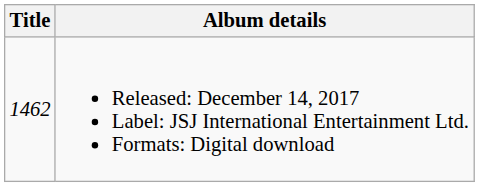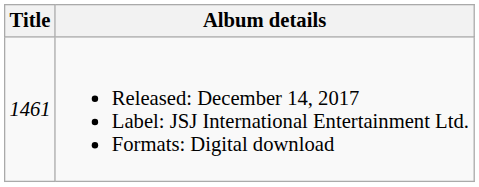 <table class="wikitable">
 <tr>
 <th>Title</th>
 <th>Album details</th>
 </tr>
 <tr>
-<td><em>1462</em></td>
+<td><em>1461</em></td>
 <td><br><ul><li>Released: December 14, 2017 </li><li>Label: JSJ International Entertainment Ltd.</li><li>Formats: Digital download</li></ul></td>
 </tr>
 </table>
